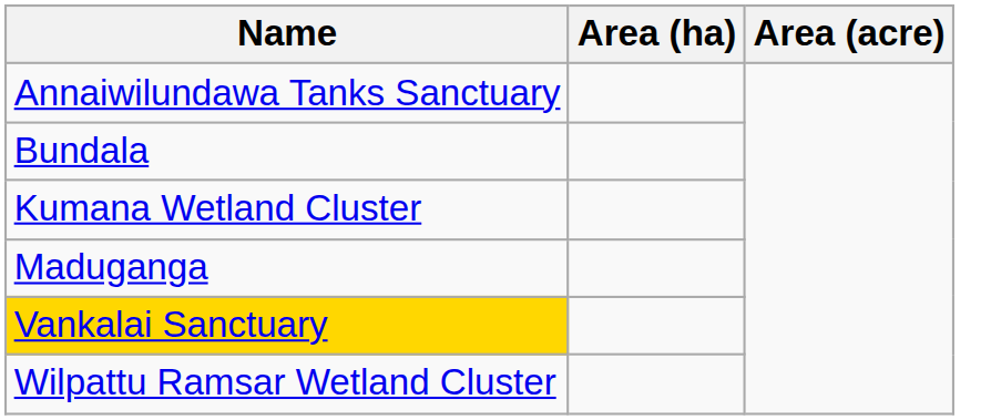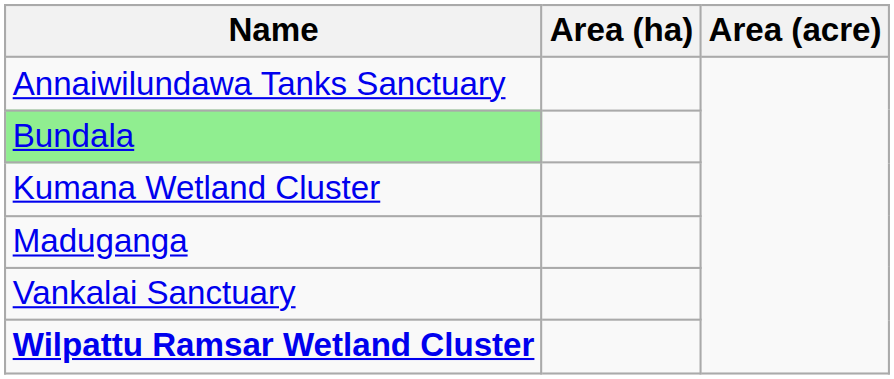 <table class="wikitable sortable">
 <tr>
 <th scope="col" align=left>Name</th>
 <th scope="col">Area (ha)</th>
 <th scope="col">Area (acre)</th>
 </tr>
 <tr ---->
 <td><a href='#'>Annaiwilundawa Tanks Sanctuary</a></td>
 <td></td>
 </tr>
 <tr ---->
-<td><a href='#'>Bundala</a></td>
+<td style="background: lightgreen;"><a href='#'>Bundala</a></td>
 <td></td>
 </tr>
 <tr ---->
 <td><a href='#'>Kumana Wetland Cluster</a></td>
 <td></td>
 </tr>
 <tr ---->
 <td><a href='#'>Maduganga</a></td>
 <td></td>
 </tr>
 <tr ---->
-<td style="background: gold;"><a href='#'>Vankalai Sanctuary</a></td>
+<td><a href='#'>Vankalai Sanctuary</a></td>
 <td></td>
 </tr>
 <tr ---->
-<td><a href='#'>Wilpattu Ramsar Wetland Cluster</a></td>
+<td><strong><a href='#'>Wilpattu Ramsar Wetland Cluster</a></strong></td>
 <td></td>
 </tr>
 </table>
